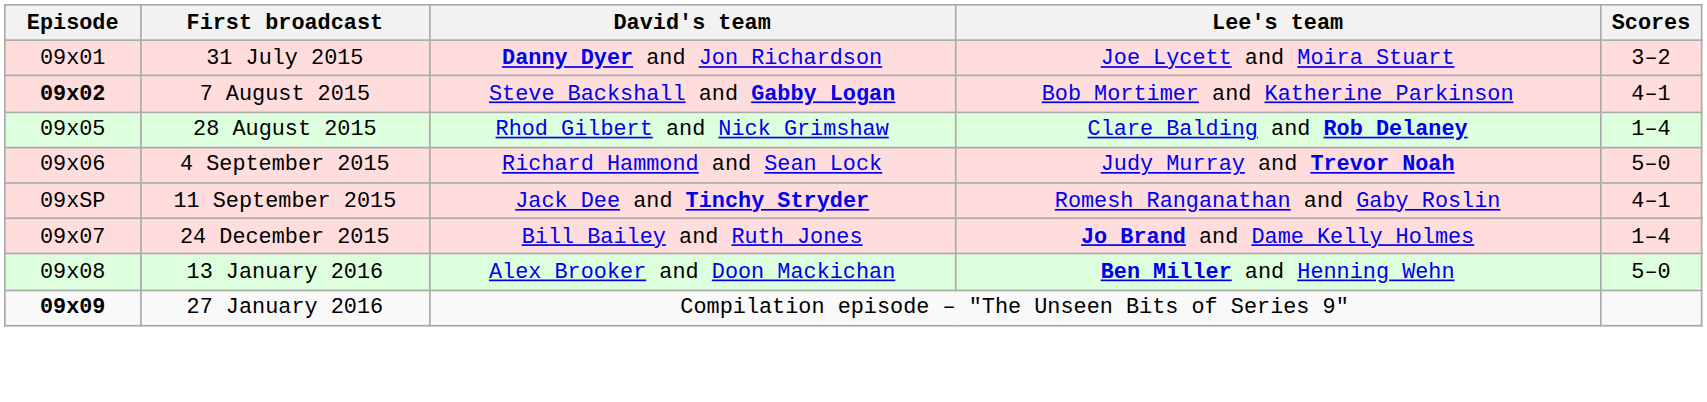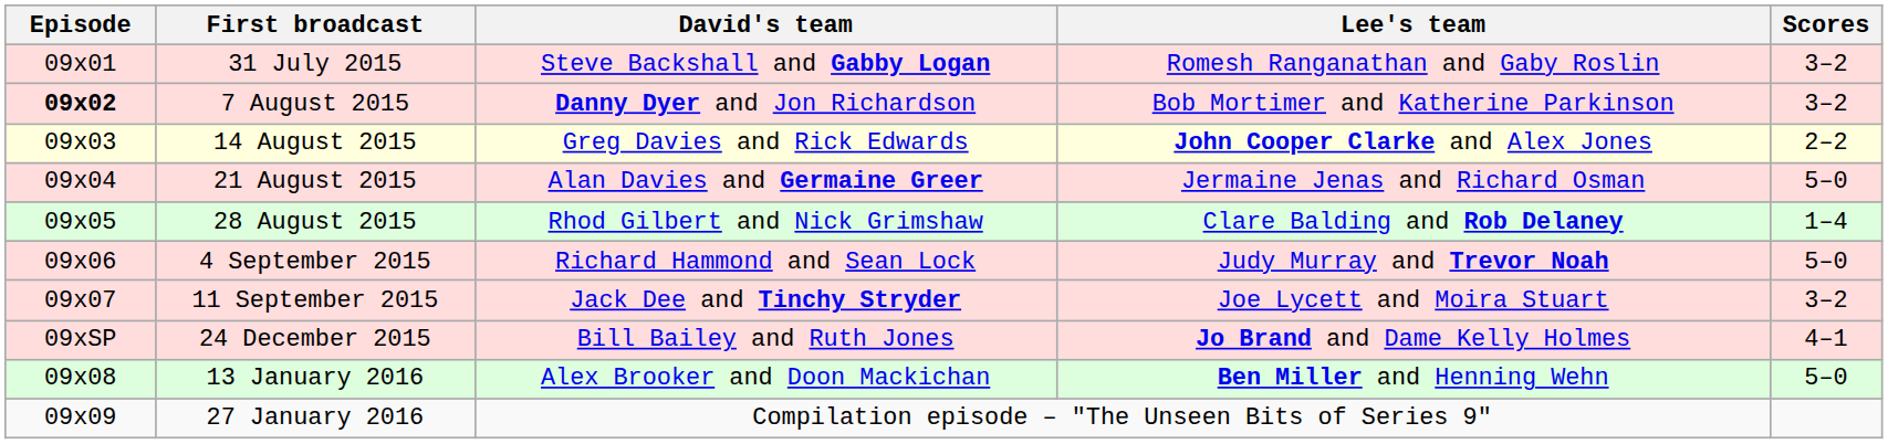 <table class="wikitable"  style="width:80%; left:0 auto; text-align:center;">
 <tr>
 <th style="width:8%;">Episode</th>
 <th style="width:17%;">First broadcast</th>
 <th style="width:31%;">David's team</th>
 <th style="width:38%;">Lee's team</th>
 <th style="width:6%;">Scores</th>
 </tr>
 <tr style="background:#fdd;">
 <td>09x01</td>
 <td>31 July 2015</td>
-<td><strong><a href='#'>Danny Dyer</a></strong> and <a href='#'>Jon Richardson</a></td>
-<td><a href='#'>Joe Lycett</a> and <a href='#'>Moira Stuart</a></td>
+<td><a href='#'>Steve Backshall</a> and <strong><a href='#'>Gabby Logan</a></strong></td>
+<td><a href='#'>Romesh Ranganathan</a> and <a href='#'>Gaby Roslin</a></td>
 <td>3–2</td>
 </tr>
 <tr style="background:#fdd;">
 <td><strong>09x02</strong></td>
 <td>7 August 2015</td>
-<td><a href='#'>Steve Backshall</a> and <strong><a href='#'>Gabby Logan</a></strong></td>
+<td><strong><a href='#'>Danny Dyer</a></strong> and <a href='#'>Jon Richardson</a></td>
 <td><a href='#'>Bob Mortimer</a> and <a href='#'>Katherine Parkinson</a></td>
-<td>4–1</td>
+<td>3–2</td>
+</tr>
+<tr style="background:#ffd;">
+<td>09x03</td>
+<td>14 August 2015</td>
+<td><a href='#'>Greg Davies</a> and <a href='#'>Rick Edwards</a></td>
+<td><strong><a href='#'>John Cooper Clarke</a></strong> and <a href='#'>Alex Jones</a></td>
+<td>2–2</td>
+</tr>
+<tr style="background:#fdd;">
+<td>09x04</td>
+<td>21 August 2015</td>
+<td><a href='#'>Alan Davies</a> and <strong><a href='#'>Germaine Greer</a></strong></td>
+<td><a href='#'>Jermaine Jenas</a> and <a href='#'>Richard Osman</a></td>
+<td>5–0</td>
 </tr>
 <tr style="background:#dfd;">
 <td>09x05</td>
 <td>28 August 2015</td>
 <td><a href='#'>Rhod Gilbert</a> and <a href='#'>Nick Grimshaw</a></td>
 <td><a href='#'>Clare Balding</a> and <strong><a href='#'>Rob Delaney</a></strong></td>
 <td>1–4</td>
 </tr>
 <tr style="background:#fdd;">
 <td>09x06</td>
 <td>4 September 2015</td>
 <td><a href='#'>Richard Hammond</a> and <a href='#'>Sean Lock</a></td>
 <td><a href='#'>Judy Murray</a> and <strong><a href='#'>Trevor Noah</a></strong></td>
 <td>5–0</td>
 </tr>
 <tr style="background:#fdd;">
-<td>09xSP</td>
+<td>09x07</td>
 <td>11 September 2015</td>
 <td><a href='#'>Jack Dee</a> and <strong><a href='#'>Tinchy Stryder</a></strong></td>
-<td><a href='#'>Romesh Ranganathan</a> and <a href='#'>Gaby Roslin</a></td>
-<td>4–1</td>
+<td><a href='#'>Joe Lycett</a> and <a href='#'>Moira Stuart</a></td>
+<td>3–2</td>
 </tr>
 <tr style="background:#fdd;">
-<td>09x07</td>
+<td>09xSP</td>
 <td>24 December 2015</td>
 <td><a href='#'>Bill Bailey</a> and <a href='#'>Ruth Jones</a></td>
 <td><strong><a href='#'>Jo Brand</a></strong> and <a href='#'>Dame Kelly Holmes</a></td>
-<td>1–4</td>
+<td>4–1</td>
 </tr>
 <tr style="background:#dfd;">
 <td>09x08</td>
 <td>13 January 2016</td>
 <td><a href='#'>Alex Brooker</a> and <a href='#'>Doon Mackichan</a></td>
 <td><strong><a href='#'>Ben Miller</a></strong> and <a href='#'>Henning Wehn</a></td>
 <td>5–0</td>
 </tr>
 <tr>
-<td><strong>09x09</strong></td>
+<td>09x09</td>
 <td>27 January 2016</td>
 <td colspan="2">Compilation episode – "The Unseen Bits of Series 9"</td>
 <td></td>
 </tr>
 </table>
